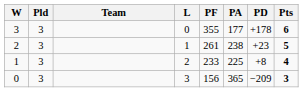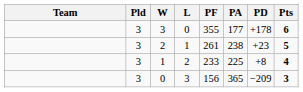 <table class=wikitable style="text-align:center">
 <tr>
+<th width=180>Team</th>
+<th width=30>Pld</th>
 <th width=30>W</th>
-<th width=30>Pld</th>
-<th width=180>Team</th>
 <th width=30>L</th>
 <th width=30>PF</th>
 <th width=30>PA</th>
 <th width=30>PD</th>
 <th width=30>Pts</th>
 </tr>
 <tr align=center>
+<td align=left></td>
 <td>3</td>
 <td>3</td>
-<td align=left></td>
 <td>0</td>
 <td>355</td>
 <td>177</td>
 <td>+178</td>
 <td><strong>6</strong></td>
 </tr>
 <tr align=center>
+<td align=left></td>
+<td>3</td>
 <td>2</td>
-<td>3</td>
-<td align=left></td>
 <td>1</td>
 <td>261</td>
 <td>238</td>
 <td>+23</td>
 <td><strong>5</strong></td>
 </tr>
 <tr align=center>
+<td align=left></td>
+<td>3</td>
 <td>1</td>
-<td>3</td>
-<td align=left></td>
 <td>2</td>
 <td>233</td>
 <td>225</td>
 <td>+8</td>
 <td><strong>4</strong></td>
 </tr>
 <tr align=center>
+<td align=left></td>
+<td>3</td>
 <td>0</td>
-<td>3</td>
-<td align=left></td>
 <td>3</td>
 <td>156</td>
 <td>365</td>
 <td>−209</td>
 <td><strong>3</strong></td>
 </tr>
 </table>
